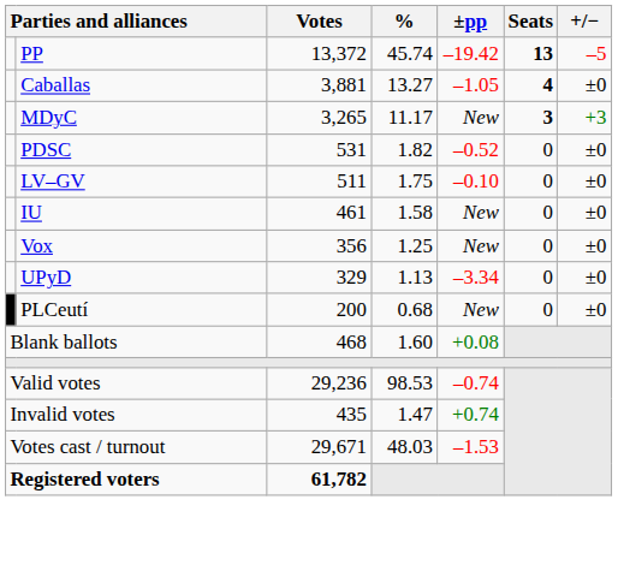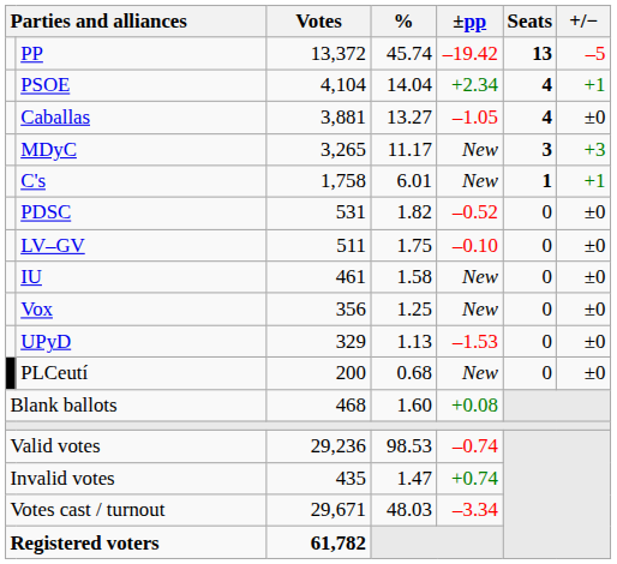 <table class="wikitable" style="text-align:right;">
 <tr>
 <th style="text-align:left;" colspan="2" width="200">Parties and alliances</th>
 <th width="75">Votes</th>
 <th width="45">%</th>
 <th width="45">±<a href='#'>pp</a></th>
 <th width="35">Seats</th>
 <th width="35">+/−</th>
 </tr>
 <tr>
 <td width="1" style="color:inherit;background:"></td>
 <td align="left"><a href='#'>PP</a></td>
 <td>13,372</td>
 <td>45.74</td>
 <td style="color:red;">–19.42</td>
 <td><strong>13</strong></td>
 <td style="color:red;">–5</td>
 </tr>
 <tr>
 <td style="color:inherit;background:"></td>
+<td align="left"><a href='#'>PSOE</a></td>
+<td>4,104</td>
+<td>14.04</td>
+<td style="color:green;">+2.34</td>
+<td><strong>4</strong></td>
+<td style="color:green;">+1</td>
+</tr>
+<tr>
+<td style="color:inherit;background:"></td>
 <td align="left"><a href='#'>Caballas</a></td>
 <td>3,881</td>
 <td>13.27</td>
 <td style="color:red;">–1.05</td>
 <td><strong>4</strong></td>
 <td>±0</td>
 </tr>
 <tr>
 <td style="color:inherit;background:"></td>
 <td align="left"><a href='#'>MDyC</a></td>
 <td>3,265</td>
 <td>11.17</td>
 <td><em>New</em></td>
 <td><strong>3</strong></td>
 <td style="color:green;">+3</td>
+</tr>
+<tr>
+<td style="color:inherit;background:"></td>
+<td align="left"><a href='#'>C's</a></td>
+<td>1,758</td>
+<td>6.01</td>
+<td><em>New</em></td>
+<td><strong>1</strong></td>
+<td style="color:green;">+1</td>
 </tr>
 <tr>
 <td style="color:inherit;background:"></td>
 <td align="left"><a href='#'>PDSC</a></td>
 <td>531</td>
 <td>1.82</td>
 <td style="color:red;">–0.52</td>
 <td>0</td>
 <td>±0</td>
 </tr>
 <tr>
 <td style="color:inherit;background:"></td>
 <td align="left"><a href='#'>LV–GV</a></td>
 <td>511</td>
 <td>1.75</td>
 <td style="color:red;">–0.10</td>
 <td>0</td>
 <td>±0</td>
 </tr>
 <tr>
 <td style="color:inherit;background:"></td>
 <td align="left"><a href='#'>IU</a></td>
 <td>461</td>
 <td>1.58</td>
 <td><em>New</em></td>
 <td>0</td>
 <td>±0</td>
 </tr>
 <tr>
 <td style="color:inherit;background:"></td>
 <td align="left"><a href='#'>Vox</a></td>
 <td>356</td>
 <td>1.25</td>
 <td><em>New</em></td>
 <td>0</td>
 <td>±0</td>
 </tr>
 <tr>
 <td style="color:inherit;background:"></td>
 <td align="left"><a href='#'>UPyD</a></td>
 <td>329</td>
 <td>1.13</td>
-<td style="color:red;">–3.34</td>
+<td style="color:red;">–1.53</td>
 <td>0</td>
 <td>±0</td>
 </tr>
 <tr>
 <td bgcolor="black"></td>
 <td align="left">PLCeutí</td>
 <td>200</td>
 <td>0.68</td>
 <td><em>New</em></td>
 <td>0</td>
 <td>±0</td>
 </tr>
 <tr>
 <td align="left" colspan="2">Blank ballots</td>
 <td>468</td>
 <td>1.60</td>
 <td style="color:green;">+0.08</td>
 <td bgcolor="#E9E9E9" colspan="2"></td>
 </tr>
 <tr>
 <td colspan="7" bgcolor="#E9E9E9"></td>
 </tr>
 <tr>
 <td align="left" colspan="2">Valid votes</td>
 <td>29,236</td>
 <td>98.53</td>
 <td style="color:red;">–0.74</td>
 <td bgcolor="#E9E9E9" colspan="2" rowspan="4"></td>
 </tr>
 <tr>
 <td align="left" colspan="2">Invalid votes</td>
 <td>435</td>
 <td>1.47</td>
 <td style="color:green;">+0.74</td>
 </tr>
 <tr>
 <td align="left" colspan="2">Votes cast / turnout</td>
 <td>29,671</td>
 <td>48.03</td>
-<td style="color:red;">–1.53</td>
+<td style="color:red;">–3.34</td>
 </tr>
 <tr style="font-weight:bold;">
 <td align="left" colspan="2">Registered voters</td>
 <td>61,782</td>
 <td bgcolor="#E9E9E9" colspan="2"></td>
 </tr>
 </table>
